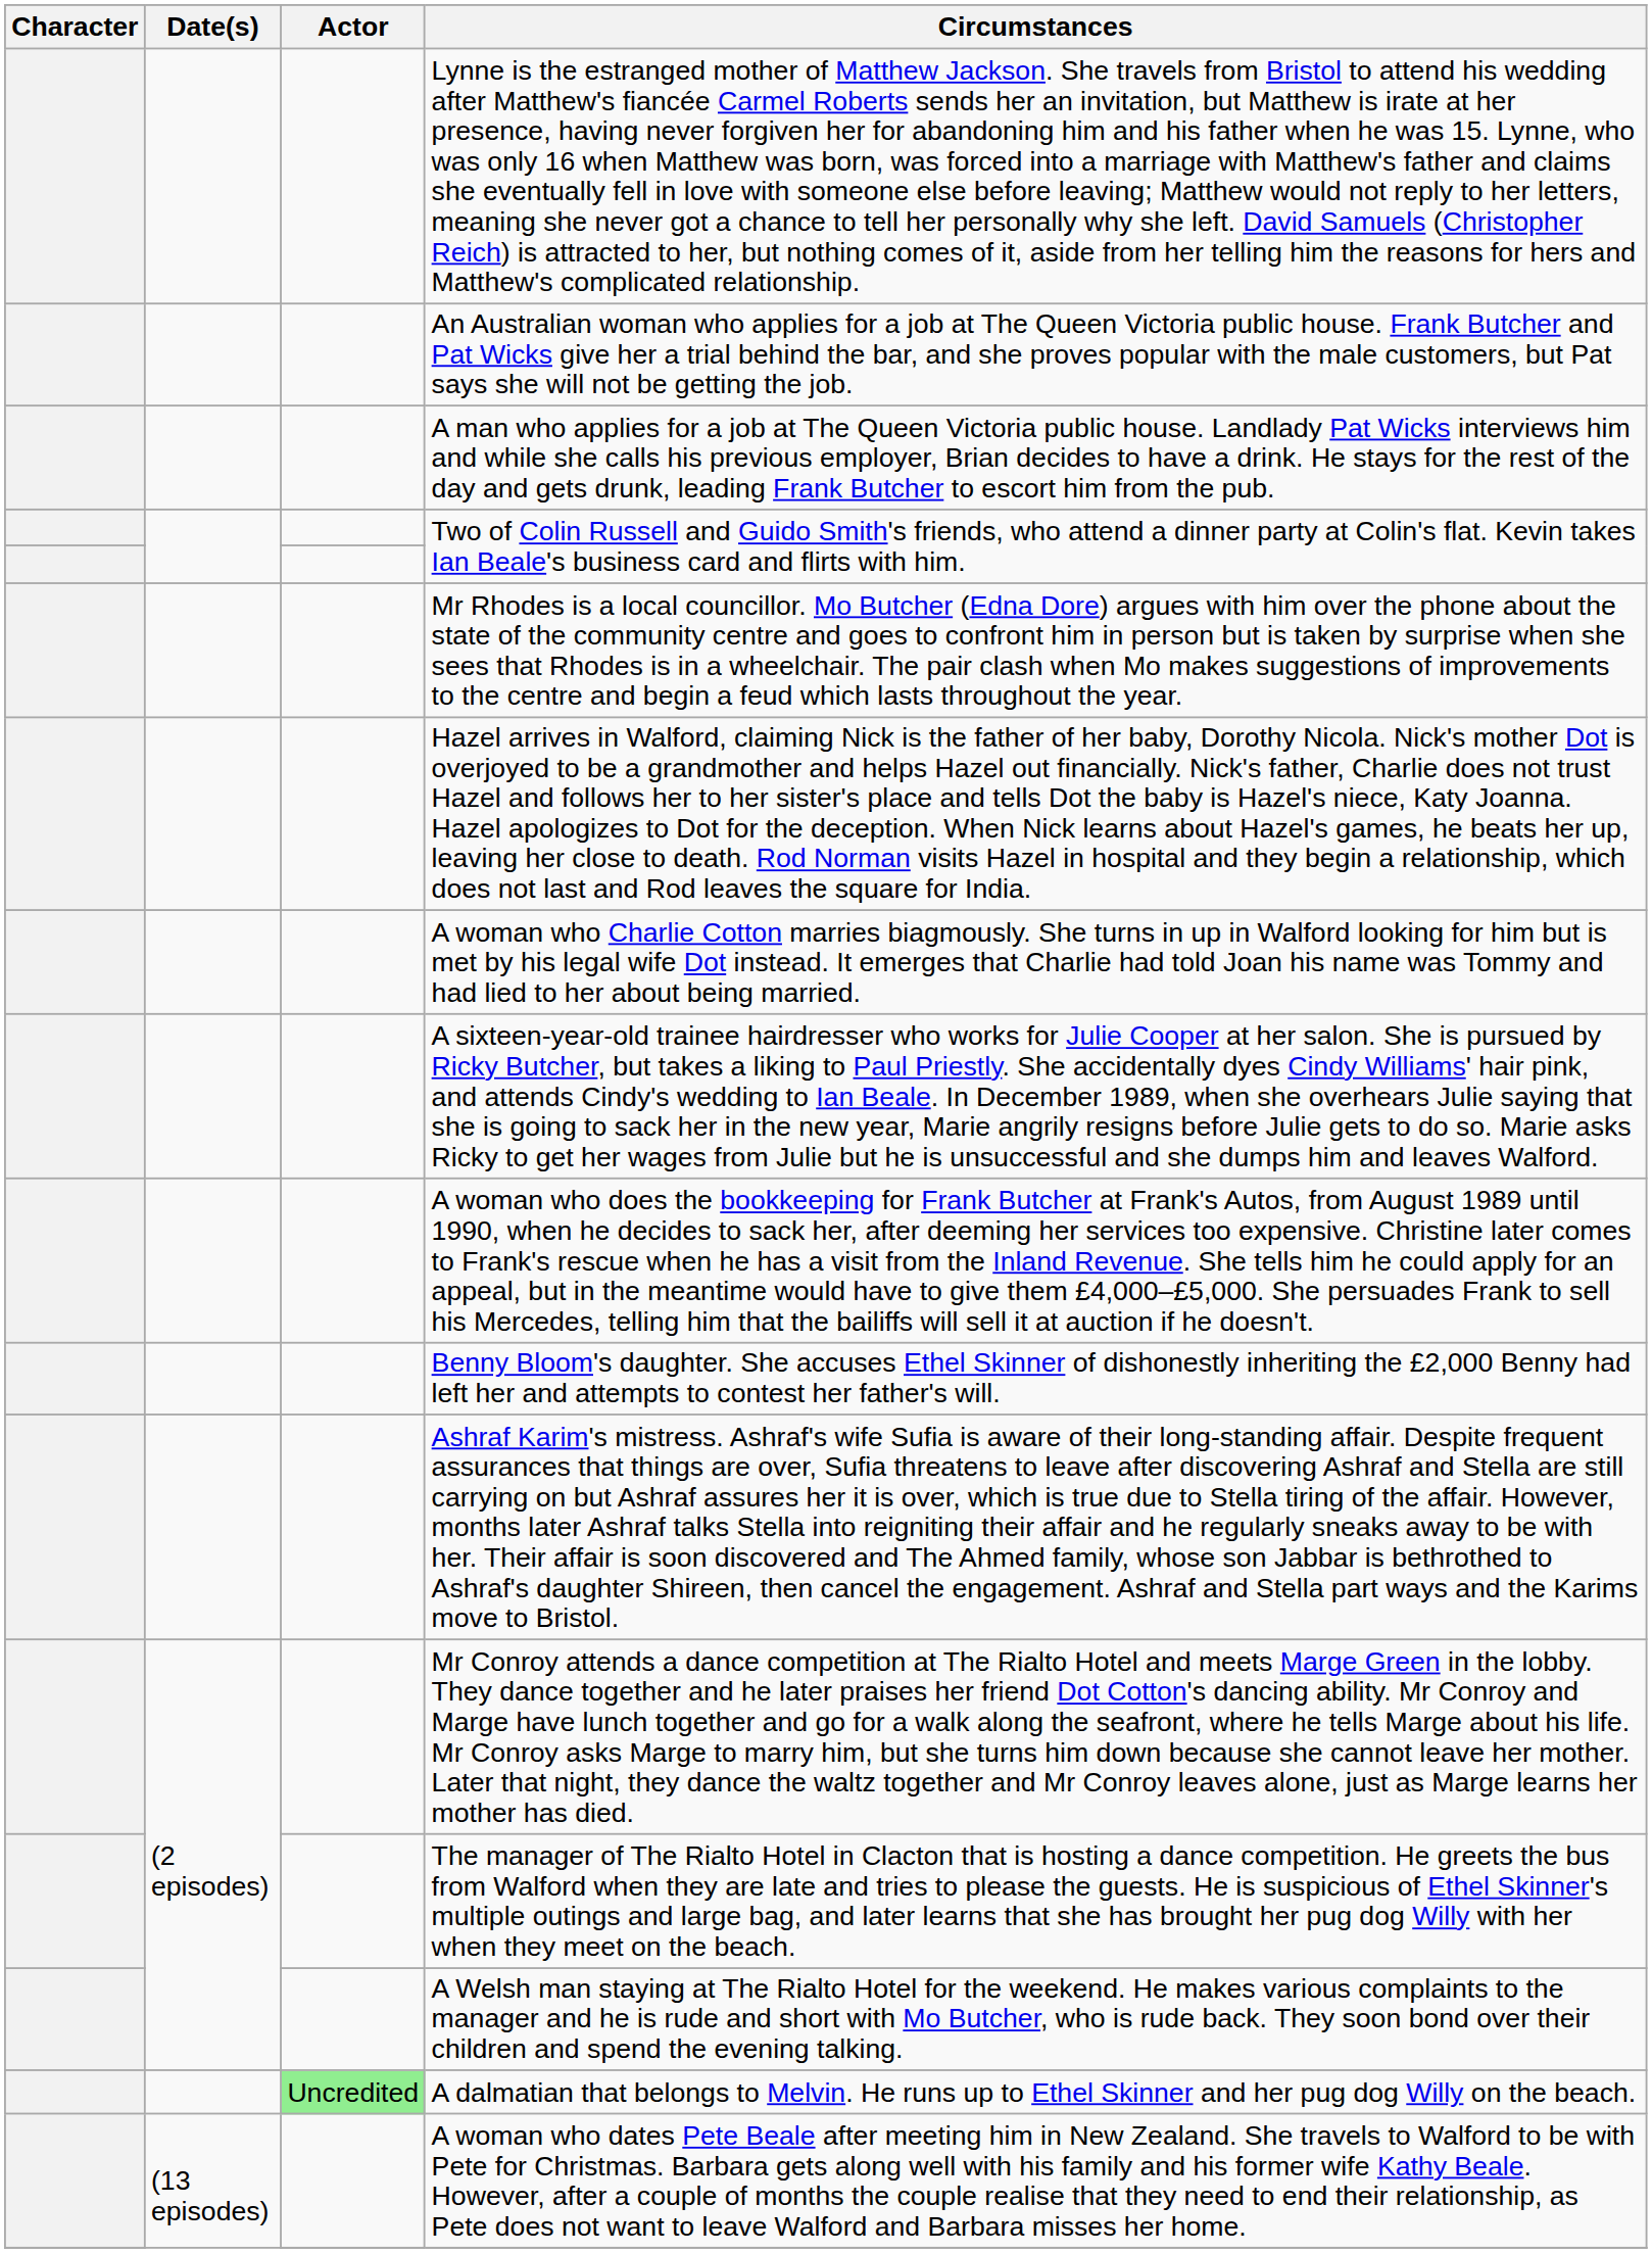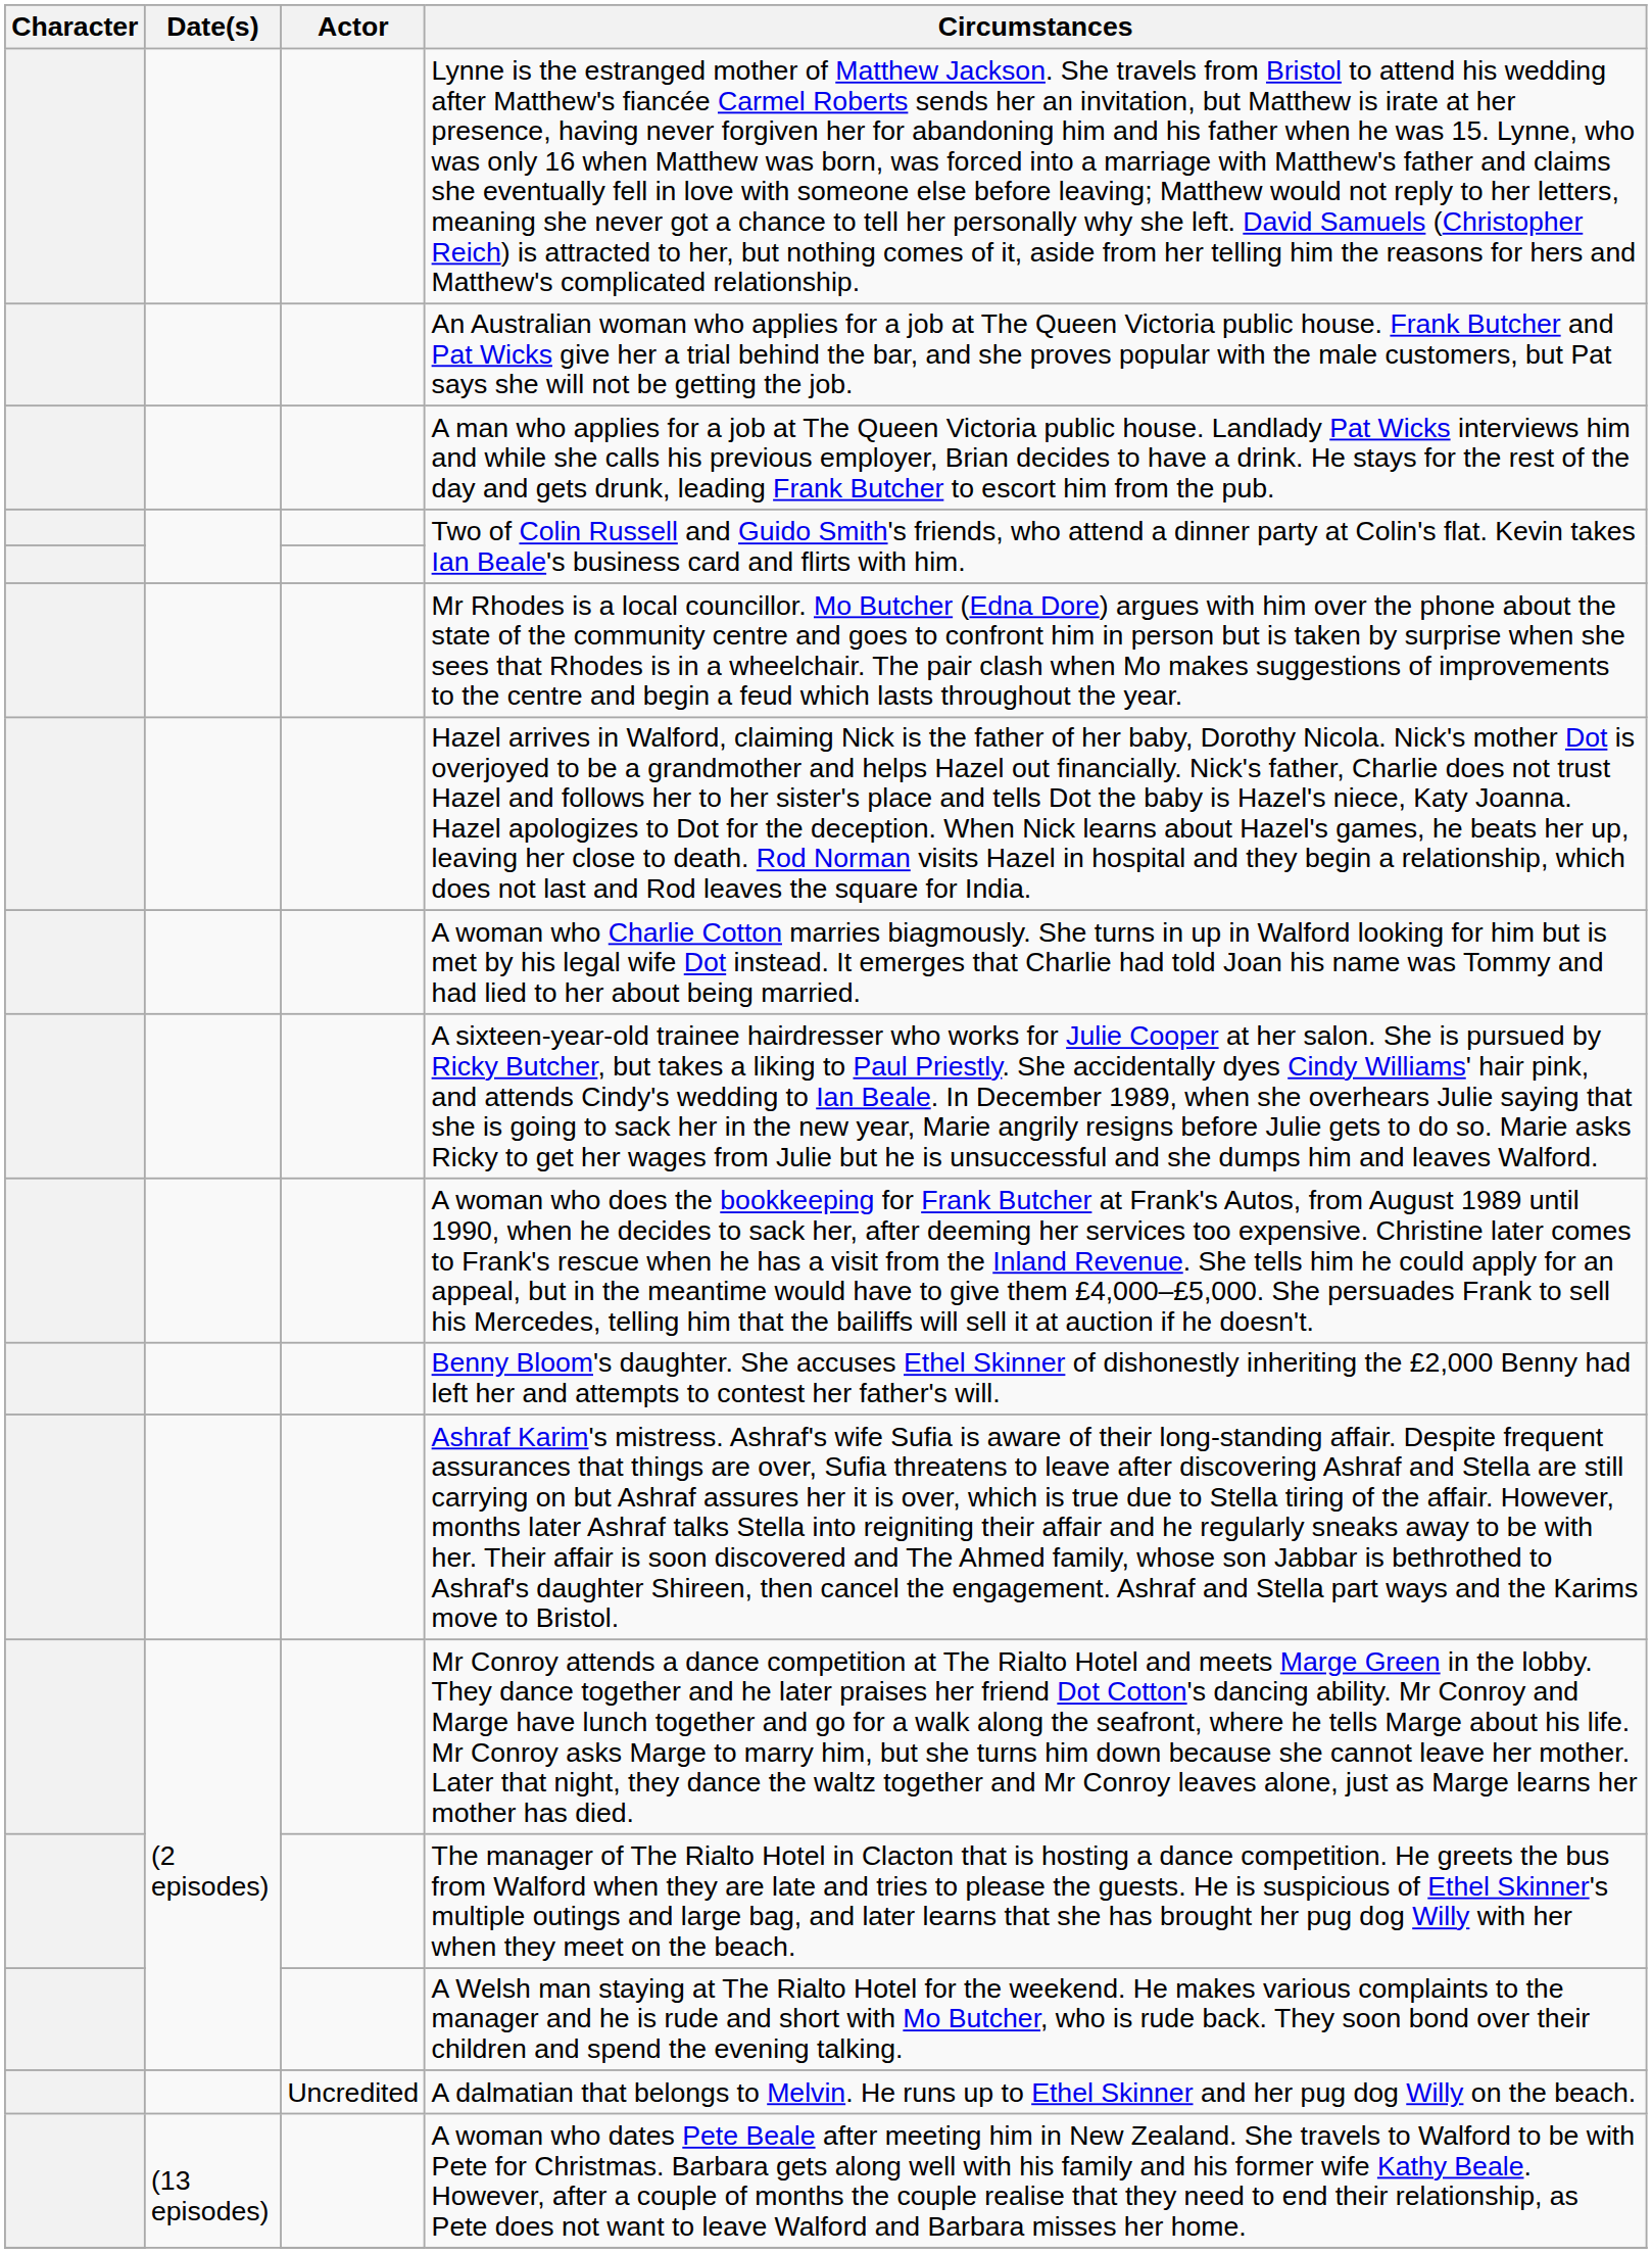 <table class="wikitable plainrowheaders" style="font-size:90%">
 <tr>
 <th scope="col">Character</th>
 <th scope="col">Date(s)</th>
 <th scope="col">Actor</th>
 <th scope="col">Circumstances</th>
 </tr>
 <tr>
 <th scope="row"></th>
 <td></td>
 <td></td>
 <td> Lynne is the estranged mother of <a href='#'>Matthew Jackson</a>. She travels from <a href='#'>Bristol</a> to attend his wedding after Matthew's fiancée <a href='#'>Carmel Roberts</a> sends her an invitation, but Matthew is irate at her presence, having never forgiven her for abandoning him and his father when he was 15. Lynne, who was only 16 when Matthew was born, was forced into a marriage with Matthew's father and claims she eventually fell in love with someone else before leaving; Matthew would not reply to her letters, meaning she never got a chance to tell her personally why she left. <a href='#'>David Samuels</a> (<a href='#'>Christopher Reich</a>) is attracted to her, but nothing comes of it, aside from her telling him the reasons for hers and Matthew's complicated relationship.</td>
 </tr>
 <tr>
 <th scope="row"></th>
 <td></td>
 <td></td>
 <td> An Australian woman who applies for a job at The Queen Victoria public house. <a href='#'>Frank Butcher</a> and <a href='#'>Pat Wicks</a> give her a trial behind the bar, and she proves popular with the male customers, but Pat says she will not be getting the job.</td>
 </tr>
 <tr>
 <th scope="row"></th>
 <td></td>
 <td></td>
 <td> A man who applies for a job at The Queen Victoria public house. Landlady <a href='#'>Pat Wicks</a> interviews him and while she calls his previous employer, Brian decides to have a drink. He stays for the rest of the day and gets drunk, leading <a href='#'>Frank Butcher</a> to escort him from the pub.</td>
 </tr>
 <tr>
 <th scope="row"></th>
 <td rowspan="2"></td>
 <td></td>
 <td rowspan="2"> Two of <a href='#'>Colin Russell</a> and <a href='#'>Guido Smith</a>'s friends, who attend a dinner party at Colin's flat. Kevin takes <a href='#'>Ian Beale</a>'s business card and flirts with him.</td>
 </tr>
 <tr>
 <th scope="row"></th>
 <td></td>
 </tr>
 <tr>
 <th scope="row"></th>
 <td></td>
 <td></td>
 <td> Mr Rhodes is a local councillor. <a href='#'>Mo Butcher</a> (<a href='#'>Edna Dore</a>) argues with him over the phone about the state of the community centre and goes to confront him in person but is taken by surprise when she sees that Rhodes is in a wheelchair. The pair clash when Mo makes suggestions of improvements to the centre and begin a feud which lasts throughout the year.</td>
 </tr>
 <tr>
 <th scope="row"></th>
 <td></td>
 <td></td>
 <td> Hazel arrives in Walford, claiming Nick is the father of her baby, Dorothy Nicola. Nick's mother <a href='#'>Dot</a> is overjoyed to be a grandmother and helps Hazel out financially. Nick's father, Charlie does not trust Hazel and follows her to her sister's place and tells Dot the baby is Hazel's niece, Katy Joanna. Hazel apologizes to Dot for the deception. When Nick learns about Hazel's games, he beats her up, leaving her close to death. <a href='#'>Rod Norman</a> visits Hazel in hospital and they begin a relationship, which does not last and Rod leaves the square for India.</td>
 </tr>
 <tr>
 <th scope="row"></th>
 <td></td>
 <td></td>
 <td> A woman who <a href='#'>Charlie Cotton</a> marries biagmously. She turns in up in Walford looking for him but is met by his legal wife <a href='#'>Dot</a> instead. It emerges that Charlie had told Joan his name was Tommy and had lied to her about being married.</td>
 </tr>
 <tr>
 <th scope="row"></th>
 <td></td>
 <td></td>
 <td> A sixteen-year-old trainee hairdresser who works for <a href='#'>Julie Cooper</a> at her salon. She is pursued by <a href='#'>Ricky Butcher</a>, but takes a liking to <a href='#'>Paul Priestly</a>. She accidentally dyes <a href='#'>Cindy Williams</a>' hair pink, and attends Cindy's wedding to <a href='#'>Ian Beale</a>.  In December 1989, when she overhears Julie saying that she is going to sack her in the new year, Marie angrily resigns before Julie gets to do so. Marie asks Ricky to get her wages from Julie but he is unsuccessful and she dumps him and leaves Walford.</td>
 </tr>
 <tr>
 <th scope="row"></th>
 <td></td>
 <td></td>
 <td> A woman who does the <a href='#'>bookkeeping</a> for <a href='#'>Frank Butcher</a> at Frank's Autos, from August 1989 until 1990, when he decides to sack her, after deeming her services too expensive. Christine later comes to Frank's rescue when he has a visit from the <a href='#'>Inland Revenue</a>. She tells him he could apply for an appeal, but in the meantime would have to give them £4,000–£5,000. She persuades Frank to sell his Mercedes, telling him that the bailiffs will sell it at auction if he doesn't.</td>
 </tr>
 <tr>
 <th scope="row"></th>
 <td></td>
 <td></td>
 <td> <a href='#'>Benny Bloom</a>'s daughter. She accuses <a href='#'>Ethel Skinner</a> of dishonestly inheriting the £2,000 Benny had left her and attempts to contest her father's will.</td>
 </tr>
 <tr>
 <th scope="row"></th>
 <td><br></td>
 <td></td>
 <td><a href='#'>Ashraf Karim</a>'s mistress. Ashraf's wife Sufia is aware of their long-standing affair. Despite frequent assurances that things are over, Sufia threatens to leave after discovering Ashraf and Stella are still carrying on but Ashraf assures her it is over, which is true due to Stella tiring of the affair. However, months later Ashraf talks Stella into reigniting their affair and he regularly sneaks away to be with her. Their affair is soon discovered and The Ahmed family, whose son Jabbar is bethrothed to Ashraf's daughter Shireen, then cancel the engagement. Ashraf and Stella part ways and the Karims move to Bristol.</td>
 </tr>
 <tr>
 <th scope="row"></th>
 <td rowspan="3"><br>(2 episodes)</td>
 <td></td>
 <td>Mr Conroy attends a dance competition at The Rialto Hotel and meets <a href='#'>Marge Green</a> in the lobby. They dance together and he later praises her friend <a href='#'>Dot Cotton</a>'s dancing ability. Mr Conroy and Marge have lunch together and go for a walk along the seafront, where he tells Marge about his life. Mr Conroy asks Marge to marry him, but she turns him down because she cannot leave her mother. Later that night, they dance the waltz together and Mr Conroy leaves alone, just as Marge learns her mother has died.</td>
 </tr>
 <tr>
 <th scope="row"></th>
 <td></td>
 <td>The manager of The Rialto Hotel in Clacton that is hosting a dance competition. He greets the bus from Walford when they are late and tries to please the guests. He is suspicious of <a href='#'>Ethel Skinner</a>'s multiple outings and large bag, and later learns that she has brought her pug dog <a href='#'>Willy</a> with her when they meet on the beach.</td>
 </tr>
 <tr>
 <th scope="row"></th>
 <td></td>
 <td>A Welsh man staying at The Rialto Hotel for the weekend. He makes various complaints to the manager and he is rude and short with <a href='#'>Mo Butcher</a>, who is rude back. They soon bond over their children and spend the evening talking.</td>
 </tr>
 <tr>
 <th scope="row"></th>
 <td></td>
-<td style="background: lightgreen;">Uncredited</td>
+<td>Uncredited</td>
 <td>A dalmatian that belongs to <a href='#'>Melvin</a>. He runs up to <a href='#'>Ethel Skinner</a> and her pug dog <a href='#'>Willy</a> on the beach.</td>
 </tr>
 <tr>
 <th scope="row"></th>
 <td rowspan="3"><br>(13 episodes)</td>
 <td></td>
 <td>A woman who dates <a href='#'>Pete Beale</a> after meeting him in New Zealand. She travels to Walford to be with Pete for Christmas. Barbara gets along well with his family and his former wife <a href='#'>Kathy Beale</a>. However, after a couple of months the couple realise that they need to end their relationship, as Pete does not want to leave Walford and Barbara misses her home.</td>
 </tr>
 <tr>
 </tr>
 </table>
